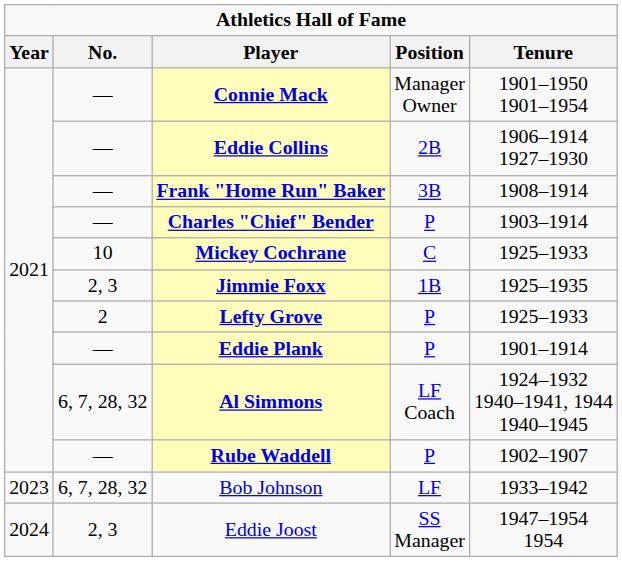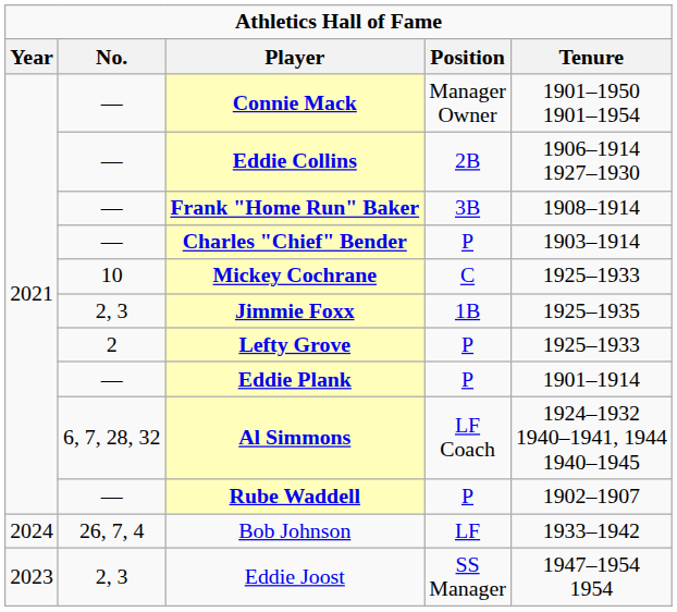 <table class="wikitable" style="text-align:center">
 <tr>
 <td colspan="5"><strong>Athletics Hall of Fame</strong></td>
 </tr>
 <tr>
 <th>Year</th>
 <th>No.</th>
 <th>Player</th>
 <th>Position</th>
 <th>Tenure</th>
 </tr>
 <tr>
 <td rowspan=10>2021</td>
 <td>—</td>
 <td style="background:#ffb;"><strong><a href='#'>Connie Mack</a></strong></td>
 <td>Manager<br>Owner</td>
 <td>1901–1950<br>1901–1954</td>
 </tr>
 <tr>
 <td>—</td>
 <td style="background:#ffb;"><strong><a href='#'>Eddie Collins</a></strong></td>
 <td><a href='#'>2B</a></td>
 <td>1906–1914<br>1927–1930</td>
 </tr>
 <tr>
 <td>—</td>
 <td style="background:#ffb;"><strong><a href='#'>Frank "Home Run" Baker</a></strong></td>
 <td><a href='#'>3B</a></td>
 <td>1908–1914</td>
 </tr>
 <tr>
 <td>—</td>
 <td style="background:#ffb;"><strong><a href='#'>Charles "Chief" Bender</a></strong></td>
 <td><a href='#'>P</a></td>
 <td>1903–1914</td>
 </tr>
 <tr>
 <td>10</td>
 <td style="background:#ffb;"><strong><a href='#'>Mickey Cochrane</a></strong></td>
 <td><a href='#'>C</a></td>
 <td>1925–1933</td>
 </tr>
 <tr>
 <td>2, 3</td>
 <td style="background:#ffb;"><strong><a href='#'>Jimmie Foxx</a></strong></td>
 <td><a href='#'>1B</a></td>
 <td>1925–1935</td>
 </tr>
 <tr>
 <td>2</td>
 <td style="background:#ffb;"><strong><a href='#'>Lefty Grove</a></strong></td>
 <td><a href='#'>P</a></td>
 <td>1925–1933</td>
 </tr>
 <tr>
 <td>—</td>
 <td style="background:#ffb;"><strong><a href='#'>Eddie Plank</a></strong></td>
 <td><a href='#'>P</a></td>
 <td>1901–1914</td>
 </tr>
 <tr>
 <td>6, 7, 28, 32</td>
 <td style="background:#ffb;"><strong><a href='#'>Al Simmons</a></strong></td>
 <td><a href='#'>LF</a><br>Coach</td>
 <td>1924–1932<br>1940–1941, 1944<br>1940–1945</td>
 </tr>
 <tr>
 <td>—</td>
 <td style="background:#ffb;"><strong><a href='#'>Rube Waddell</a></strong></td>
 <td><a href='#'>P</a></td>
 <td>1902–1907</td>
 </tr>
 <tr>
-<td>2023</td>
-<td>6, 7, 28, 32</td>
+<td>2024</td>
+<td>26, 7, 4</td>
 <td><a href='#'>Bob Johnson</a></td>
 <td><a href='#'>LF</a></td>
 <td>1933–1942</td>
 </tr>
 <tr>
-<td>2024</td>
+<td>2023</td>
 <td>2, 3</td>
 <td><a href='#'>Eddie Joost</a></td>
 <td><a href='#'>SS</a><br>Manager</td>
 <td>1947–1954<br>1954</td>
 </tr>
 </table>
